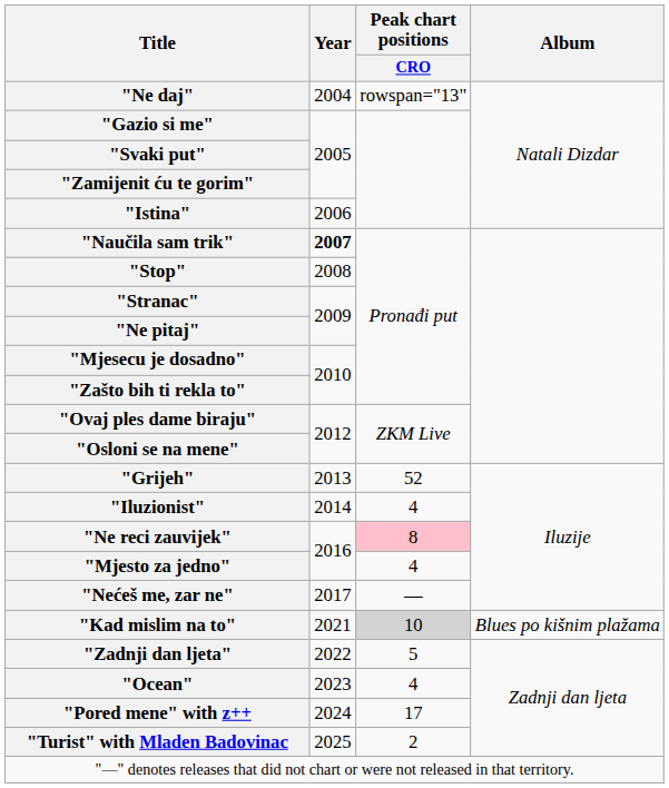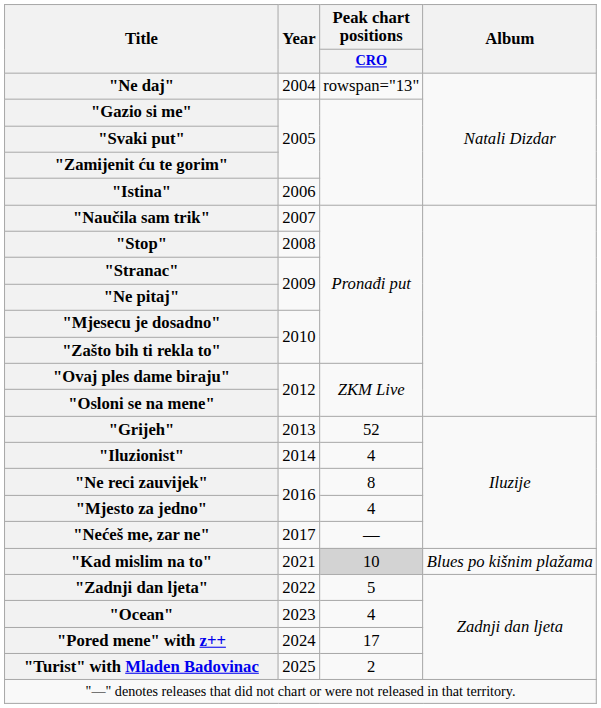 <table class="wikitable plainrowheaders" style="text-align:center;">
 <tr>
 <th scope="col" rowspan="2" style="width:16em;">Title</th>
 <th scope="col" rowspan="2" style="width:1em;">Year</th>
 <th scope="col" colspan="1">Peak chart positions</th>
 <th scope="col" rowspan="2">Album</th>
 </tr>
 <tr>
 <th scope="col" style="width:3em;font-size:85%;"><a href='#'>CRO</a><br></th>
 </tr>
 <tr>
 <th scope="row">"Ne daj"</th>
 <td>2004</td>
 <td>rowspan="13" </td>
 <td rowspan="5"><em>Natali Dizdar</em></td>
 </tr>
 <tr>
 <th scope="row">"Gazio si me"</th>
 <td rowspan="3">2005</td>
 </tr>
 <tr>
 <th scope="row">"Svaki put"</th>
 </tr>
 <tr>
 <th scope="row">"Zamijenit ću te gorim"</th>
 </tr>
 <tr>
 <th scope="row">"Istina"</th>
 <td>2006</td>
 </tr>
 <tr>
 <th scope="row">"Naučila sam trik"</th>
-<td><strong>2007</strong></td>
+<td>2007</td>
 <td rowspan="6"><em>Pronađi put</em></td>
 </tr>
 <tr>
 <th scope="row">"Stop"</th>
 <td>2008</td>
 </tr>
 <tr>
 <th scope="row">"Stranac"</th>
 <td rowspan="2">2009</td>
 </tr>
 <tr>
 <th scope="row">"Ne pitaj"</th>
 </tr>
 <tr>
 <th scope="row">"Mjesecu je dosadno"</th>
 <td rowspan="2">2010</td>
 </tr>
 <tr>
 <th scope="row">"Zašto bih ti rekla to"</th>
 </tr>
 <tr>
 <th scope="row">"Ovaj ples dame biraju"</th>
 <td rowspan="2">2012</td>
 <td rowspan="2"><em>ZKM Live</em></td>
 </tr>
 <tr>
 <th scope="row">"Osloni se na mene"</th>
 </tr>
 <tr>
 <th scope="row">"Grijeh"</th>
 <td>2013</td>
 <td>52</td>
 <td rowspan="5"><em>Iluzije</em></td>
 </tr>
 <tr>
 <th scope="row">"Iluzionist"</th>
 <td>2014</td>
 <td>4</td>
 </tr>
 <tr>
 <th scope="row">"Ne reci zauvijek"</th>
 <td rowspan="2">2016</td>
-<td style="background: pink;">8</td>
+<td>8</td>
 </tr>
 <tr>
 <th scope="row">"Mjesto za jedno"</th>
 <td>4</td>
 </tr>
 <tr>
 <th scope="row">"Nećeš me, zar ne"</th>
 <td>2017</td>
 <td>—</td>
 </tr>
 <tr>
 <th scope="row">"Kad mislim na to"</th>
 <td>2021</td>
 <td style="background: lightgrey;">10</td>
 <td><em>Blues po kišnim plažama</em></td>
 </tr>
 <tr>
 <th scope="row">"Zadnji dan ljeta"</th>
 <td>2022</td>
 <td>5</td>
 <td rowspan="4"><em>Zadnji dan ljeta</em></td>
 </tr>
 <tr>
 <th scope="row">"Ocean"</th>
 <td>2023</td>
 <td>4</td>
 </tr>
 <tr>
 <th scope="row">"Pored mene" with <a href='#'>z++</a></th>
 <td>2024</td>
 <td>17</td>
 </tr>
 <tr>
 <th scope="row">"Turist" with <a href='#'>Mladen Badovinac</a></th>
 <td>2025</td>
 <td>2</td>
 </tr>
 <tr>
 <td colspan="22" style="text-align:center; font-size:85%;">"—" denotes releases that did not chart or were not released in that territory.</td>
 </tr>
 </table>
